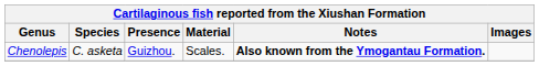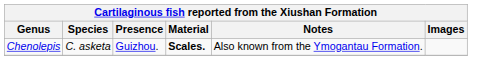 <table class="wikitable" align="center">
 <tr>
 <th colspan="6" align="center"><strong><a href='#'>Cartilaginous fish</a> reported from the Xiushan Formation</strong></th>
 </tr>
 <tr>
 <th>Genus</th>
 <th>Species</th>
 <th>Presence</th>
 <th><strong>Material</strong></th>
 <th>Notes</th>
 <th>Images</th>
 </tr>
 <tr>
 <td><em><a href='#'>Chenolepis</a></em></td>
 <td><em>C. asketa</em></td>
 <td><a href='#'>Guizhou</a>.</td>
-<td>Scales.</td>
-<td><strong>Also known from the <a href='#'>Ymogantau Formation</a>.</strong></td>
+<td><strong>Scales.</strong></td>
+<td>Also known from the <a href='#'>Ymogantau Formation</a>.</td>
 <td></td>
 </tr>
 <tr>
 </tr>
 </table>
